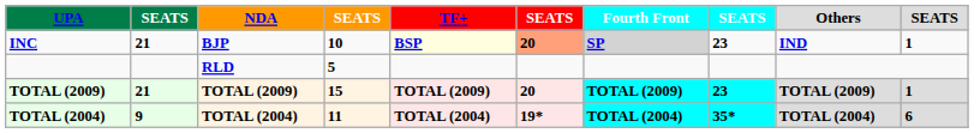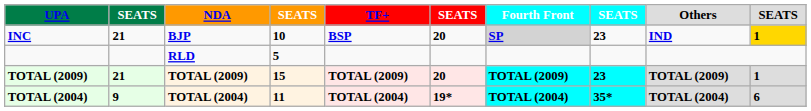 <table class="wikitable" style="width:50%; font-weight:bold; font-size:x-small; font-family:verdana;">
 <tr>
 <th style="background:#007d48; color:white;"><a href='#'>UPA</a></th>
 <th style="background:#007d48; color:white;">SEATS</th>
 <th style="background:#f90; color:white;"><a href='#'>NDA</a></th>
 <th style="background:#f90; color:white;">SEATS</th>
 <th style="background:#f00; color:white;"><a href='#'>TF+</a></th>
 <th style="background:#f00; color:white;">SEATS</th>
 <th style="background:#0ff; color:white;">Fourth Front</th>
 <th style="background:#0ff; color:white;">SEATS</th>
 <th style="background:#ddd; color:black;">Others</th>
 <th style="background:#ddd; color:black;">SEATS</th>
 </tr>
 <tr>
 <td><a href='#'>INC</a></td>
 <td>21</td>
 <td><a href='#'>BJP</a></td>
 <td>10</td>
-<td style="background: lightyellow;"><a href='#'>BSP</a></td>
-<td style="background: lightsalmon;">20</td>
+<td><a href='#'>BSP</a></td>
+<td>20</td>
 <td style="background: lightgrey;"><a href='#'>SP</a></td>
 <td>23</td>
 <td><a href='#'>IND</a></td>
-<td>1</td>
+<td style="background: gold;">1</td>
 </tr>
 <tr>
 <td></td>
 <td></td>
 <td><a href='#'>RLD</a></td>
 <td>5</td>
 <td></td>
 <td></td>
 <td></td>
 <td></td>
 </tr>
 <tr>
 <td style="background:#e6ffe6;">TOTAL (2009)</td>
 <td style="background:#e6ffe6;">21</td>
 <td style="background:#fff3e1;">TOTAL (2009)</td>
 <td style="background:#fff3e1;">15</td>
 <td style="background:#ffe6e6;">TOTAL (2009)</td>
 <td style="background:#ffe6e6;">20</td>
 <td style="background:#0ff;">TOTAL (2009)</td>
 <td style="background:#0ff;">23</td>
 <td style="background:#ddd;">TOTAL (2009)</td>
 <td style="background:#ddd;">1</td>
 </tr>
 <tr>
 <td style="background:#e6ffe6;">TOTAL (2004)</td>
 <td style="background:#e6ffe6;">9</td>
 <td style="background:#fff3e1;">TOTAL (2004)</td>
 <td style="background:#fff3e1;">11</td>
 <td style="background:#ffe6e6;">TOTAL (2004)</td>
 <td style="background:#ffe6e6;">19*</td>
 <td style="background:#0ff;">TOTAL (2004)</td>
 <td style="background:#0ff;">35*</td>
 <td style="background:#ddd;">TOTAL (2004)</td>
 <td style="background:#ddd;">6</td>
 </tr>
 </table>
